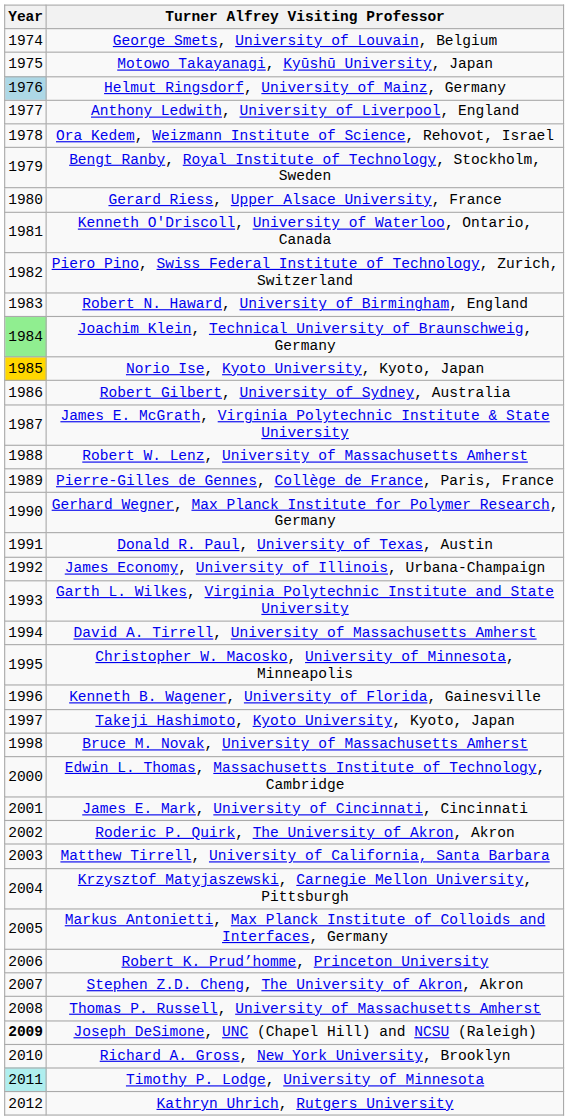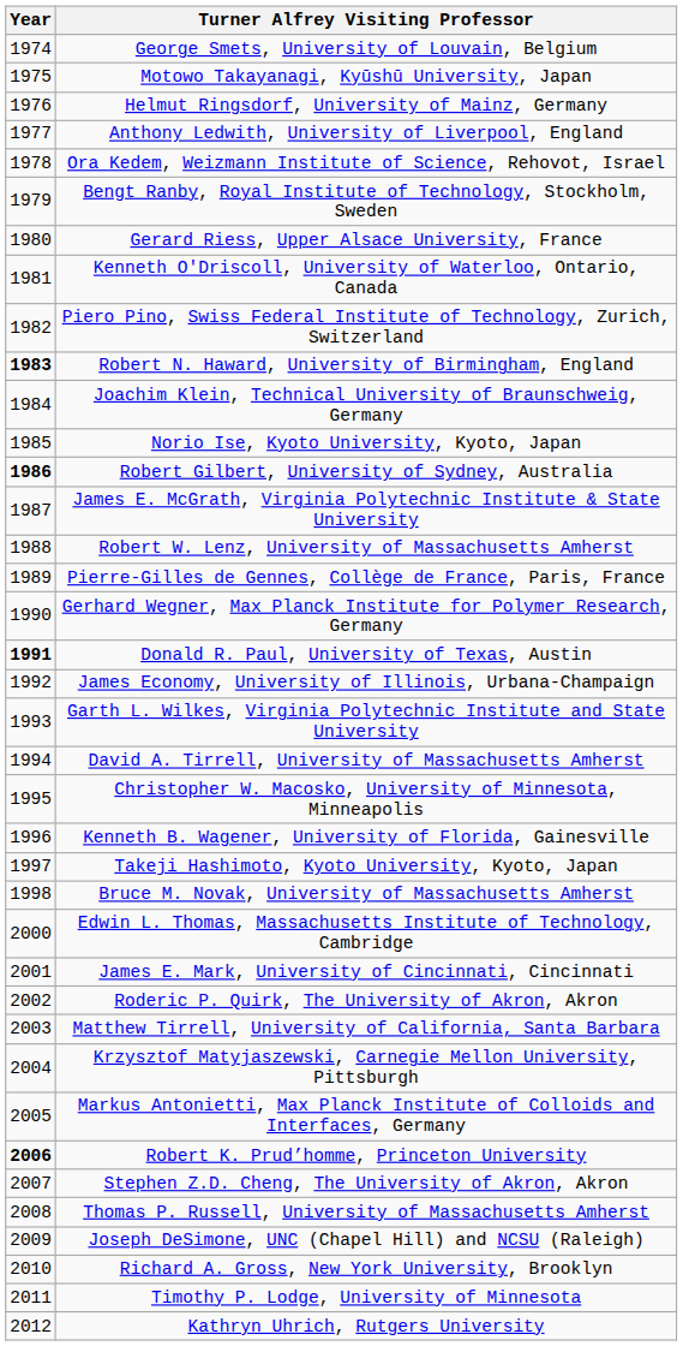 <table class="wikitable" align="right" style="text-align:center; width:500px; height:200px" border="1" cellspace="5">
 <tr>
 <th>Year</th>
 <th>Turner Alfrey Visiting Professor</th>
 </tr>
 <tr>
 <td>1974</td>
 <td><a href='#'>George Smets</a>, <a href='#'>University of Louvain</a>, Belgium</td>
 </tr>
 <tr>
 <td>1975</td>
 <td><a href='#'>Motowo Takayanagi</a>, <a href='#'>Kyūshū University</a>, Japan</td>
 </tr>
 <tr>
-<td style="background: lightblue;">1976</td>
+<td>1976</td>
 <td><a href='#'>Helmut Ringsdorf</a>, <a href='#'>University of Mainz</a>, Germany</td>
 </tr>
 <tr>
 <td>1977</td>
 <td><a href='#'>Anthony Ledwith</a>, <a href='#'>University of Liverpool</a>, England</td>
 </tr>
 <tr>
 <td>1978</td>
 <td><a href='#'>Ora Kedem</a>, <a href='#'>Weizmann Institute of Science</a>, Rehovot, Israel</td>
 </tr>
 <tr>
 <td>1979</td>
 <td><a href='#'>Bengt Ranby</a>, <a href='#'>Royal Institute of Technology</a>, Stockholm, Sweden</td>
 </tr>
 <tr>
 <td>1980</td>
 <td><a href='#'>Gerard Riess</a>, <a href='#'>Upper Alsace University</a>, France</td>
 </tr>
 <tr>
 <td>1981</td>
 <td><a href='#'>Kenneth O'Driscoll</a>, <a href='#'>University of Waterloo</a>, Ontario, Canada</td>
 </tr>
 <tr>
 <td>1982</td>
 <td><a href='#'>Piero Pino</a>, <a href='#'>Swiss Federal Institute of Technology</a>, Zurich, Switzerland</td>
 </tr>
 <tr>
-<td>1983</td>
+<td><strong>1983</strong></td>
 <td><a href='#'>Robert N. Haward</a>, <a href='#'>University of Birmingham</a>, England</td>
 </tr>
 <tr>
-<td style="background: lightgreen;">1984</td>
+<td>1984</td>
 <td><a href='#'>Joachim Klein</a>, <a href='#'>Technical University of Braunschweig</a>, Germany</td>
 </tr>
 <tr>
-<td style="background: gold;">1985</td>
+<td>1985</td>
 <td><a href='#'>Norio Ise</a>, <a href='#'>Kyoto University</a>, Kyoto, Japan</td>
 </tr>
 <tr>
-<td>1986</td>
+<td><strong>1986</strong></td>
 <td><a href='#'>Robert Gilbert</a>, <a href='#'>University of Sydney</a>, Australia</td>
 </tr>
 <tr>
 <td>1987</td>
 <td><a href='#'>James E. McGrath</a>, <a href='#'>Virginia Polytechnic Institute & State University</a></td>
 </tr>
 <tr>
 <td>1988</td>
 <td><a href='#'>Robert W. Lenz</a>, <a href='#'>University of Massachusetts Amherst</a></td>
 </tr>
 <tr>
 <td>1989</td>
 <td><a href='#'>Pierre-Gilles de Gennes</a>, <a href='#'>Collège de France</a>, Paris, France</td>
 </tr>
 <tr>
 <td>1990</td>
 <td><a href='#'>Gerhard Wegner</a>, <a href='#'>Max Planck Institute for Polymer Research</a>, Germany</td>
 </tr>
 <tr>
-<td>1991</td>
+<td><strong>1991</strong></td>
 <td><a href='#'>Donald R. Paul</a>, <a href='#'>University of Texas</a>, Austin</td>
 </tr>
 <tr>
 <td>1992</td>
 <td><a href='#'>James Economy</a>, <a href='#'>University of Illinois</a>, Urbana-Champaign</td>
 </tr>
 <tr>
 <td>1993</td>
 <td><a href='#'>Garth L. Wilkes</a>, <a href='#'>Virginia Polytechnic Institute and State University</a></td>
 </tr>
 <tr>
 <td>1994</td>
 <td><a href='#'>David A. Tirrell</a>, <a href='#'>University of Massachusetts Amherst</a></td>
 </tr>
 <tr>
 <td>1995</td>
 <td><a href='#'>Christopher W. Macosko</a>, <a href='#'>University of Minnesota</a>, Minneapolis</td>
 </tr>
 <tr>
 <td>1996</td>
 <td><a href='#'>Kenneth B. Wagener</a>, <a href='#'>University of Florida</a>, Gainesville</td>
 </tr>
 <tr>
 <td>1997</td>
 <td><a href='#'>Takeji Hashimoto</a>, <a href='#'>Kyoto University</a>, Kyoto, Japan</td>
 </tr>
 <tr>
 <td>1998</td>
 <td><a href='#'>Bruce M. Novak</a>, <a href='#'>University of Massachusetts Amherst</a></td>
 </tr>
 <tr>
 <td>2000</td>
 <td><a href='#'>Edwin L. Thomas</a>, <a href='#'>Massachusetts Institute of Technology</a>, Cambridge</td>
 </tr>
 <tr>
 <td>2001</td>
 <td><a href='#'>James E. Mark</a>, <a href='#'>University of Cincinnati</a>, Cincinnati</td>
 </tr>
 <tr>
 <td>2002</td>
 <td><a href='#'>Roderic P. Quirk</a>, <a href='#'>The University of Akron</a>, Akron</td>
 </tr>
 <tr>
 <td>2003</td>
 <td><a href='#'>Matthew Tirrell</a>, <a href='#'>University of California, Santa Barbara</a></td>
 </tr>
 <tr>
 <td>2004</td>
 <td><a href='#'>Krzysztof Matyjaszewski</a>, <a href='#'>Carnegie Mellon University</a>, Pittsburgh</td>
 </tr>
 <tr>
 <td>2005</td>
 <td><a href='#'>Markus Antonietti</a>, <a href='#'>Max Planck Institute of Colloids and Interfaces</a>, Germany</td>
 </tr>
 <tr>
-<td>2006</td>
+<td><strong>2006</strong></td>
 <td><a href='#'>Robert K. Prud’homme</a>, <a href='#'>Princeton University</a></td>
 </tr>
 <tr>
 <td>2007</td>
 <td><a href='#'>Stephen Z.D. Cheng</a>, <a href='#'>The University of Akron</a>, Akron</td>
 </tr>
 <tr>
 <td>2008</td>
 <td><a href='#'>Thomas P. Russell</a>, <a href='#'>University of Massachusetts Amherst</a></td>
 </tr>
 <tr>
-<td><strong>2009</strong></td>
+<td>2009</td>
 <td><a href='#'>Joseph DeSimone</a>, <a href='#'>UNC</a> (Chapel Hill) and <a href='#'>NCSU</a> (Raleigh)</td>
 </tr>
 <tr>
 <td>2010</td>
 <td><a href='#'>Richard A. Gross</a>, <a href='#'>New York University</a>, Brooklyn</td>
 </tr>
 <tr>
-<td style="background: paleturquoise;">2011</td>
+<td>2011</td>
 <td><a href='#'>Timothy P. Lodge</a>, <a href='#'>University of Minnesota</a></td>
 </tr>
 <tr>
 <td>2012</td>
 <td><a href='#'>Kathryn Uhrich</a>, <a href='#'>Rutgers University</a></td>
 </tr>
 </table>
